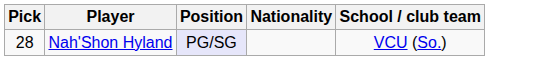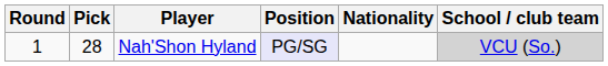 <table class="wikitable sortable sortable">
 <tr>
+<th>Round</th>
 <th>Pick</th>
 <th>Player</th>
 <th>Position</th>
 <th>Nationality</th>
 <th>School / club team</th>
 </tr>
 <tr style="text-align: center">
+<td>1</td>
 <td>28</td>
 <td><a href='#'>Nah'Shon Hyland</a></td>
 <td style="background: lavender;">PG/SG</td>
 <td></td>
-<td><a href='#'>VCU</a> (<a href='#'>So.</a>)</td>
+<td style="background: lightgrey;"><a href='#'>VCU</a> (<a href='#'>So.</a>)</td>
 </tr>
 </table>
